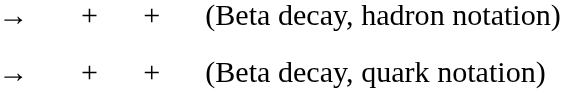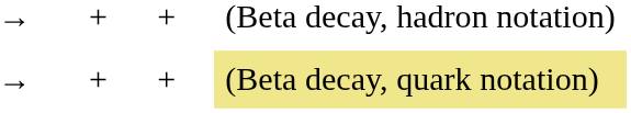 <table style="margin:auto;" cellpadding="5%">
 <tr>
 <td>  </td>
 <td>→</td>
 <td>  </td>
 <td>+</td>
 <td></td>
 <td>+</td>
 <td></td>
 <td>(Beta decay, hadron notation)</td>
 </tr>
 <tr>
 <td></td>
 <td>→</td>
 <td></td>
 <td>+</td>
 <td></td>
 <td>+</td>
 <td></td>
-<td>(Beta decay, quark notation)</td>
+<td style="background: khaki;">(Beta decay, quark notation)</td>
 </tr>
 </table>
